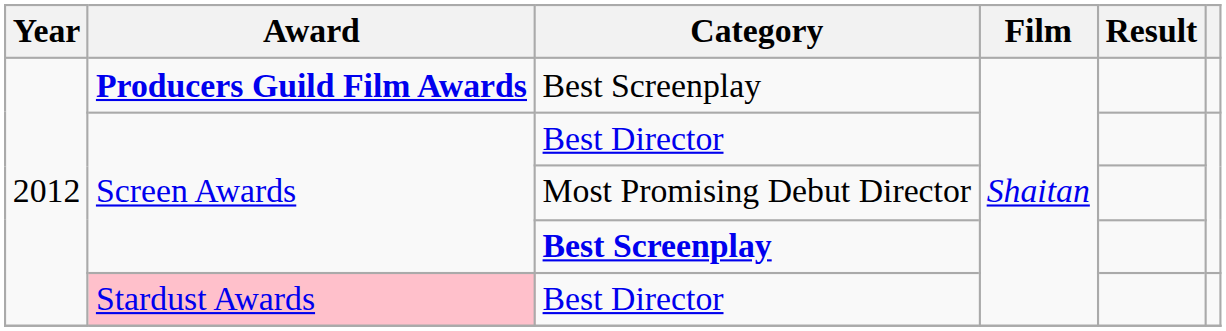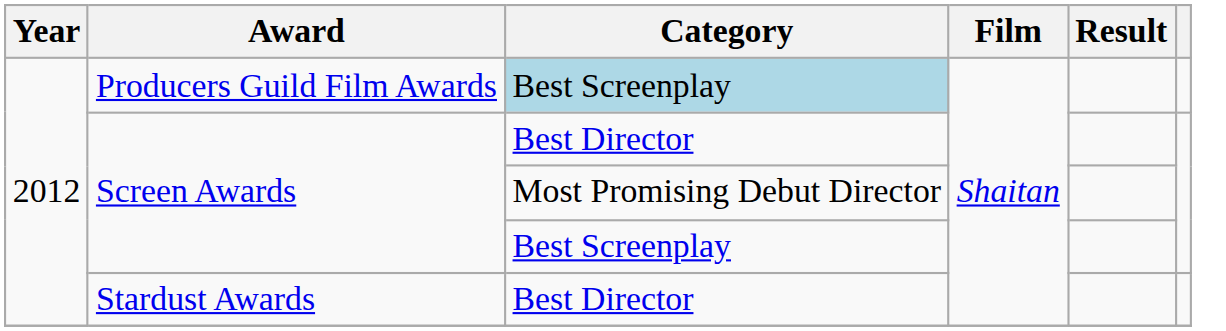 <table class="wikitable sortable">
 <tr>
 <th>Year </th>
 <th>Award</th>
 <th>Category</th>
 <th>Film</th>
 <th class="unsortable">Result</th>
 <th class="unsortable"></th>
 </tr>
 <tr>
 <td rowspan="5">2012</td>
-<td><strong><a href='#'>Producers Guild Film Awards</a></strong></td>
-<td>Best Screenplay </td>
+<td><a href='#'>Producers Guild Film Awards</a></td>
+<td style="background: lightblue;">Best Screenplay </td>
 <td rowspan="5"><em><a href='#'>Shaitan</a></em></td>
 <td></td>
 <td></td>
 </tr>
 <tr>
 <td rowspan="3"><a href='#'>Screen Awards</a></td>
 <td><a href='#'>Best Director</a></td>
 <td></td>
 <td rowspan="3"><br></td>
 </tr>
 <tr>
 <td>Most Promising Debut Director</td>
 <td></td>
 </tr>
 <tr>
-<td><strong><a href='#'>Best Screenplay</a> </strong></td>
+<td><a href='#'>Best Screenplay</a> </td>
 <td></td>
 </tr>
 <tr>
-<td style="background: pink;"><a href='#'>Stardust Awards</a></td>
+<td><a href='#'>Stardust Awards</a></td>
 <td><a href='#'>Best Director</a></td>
 <td></td>
 <td></td>
 </tr>
 <tr>
 </tr>
 </table>
